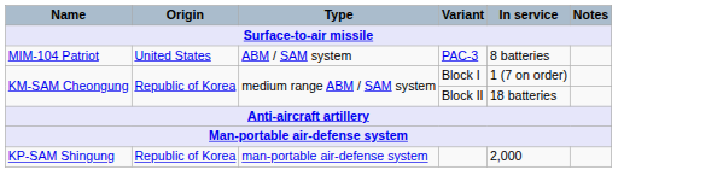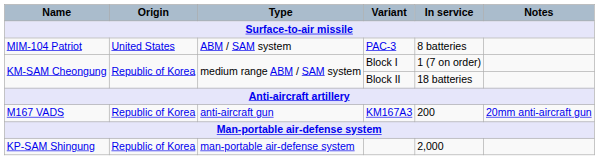 <table class="wikitable">
 <tr>
 <th style="text-align:center; background:#aabccc;">Name</th>
 <th style="text-align: center; background:#aabccc;">Origin</th>
 <th style="text-align:l center; background:#aabccc;">Type</th>
 <th style="text-align:l center; background:#aabccc;">Variant</th>
 <th style="text-align:l center; background:#aabccc;">In service</th>
 <th style="text-align: center; background:#aabccc;">Notes</th>
 </tr>
 <tr>
 <th style="align: center; background: lavender;" colspan="6"><a href='#'>Surface-to-air missile</a></th>
 </tr>
 <tr>
 <td><a href='#'>MIM-104 Patriot</a></td>
 <td><a href='#'>United States</a></td>
 <td><a href='#'>ABM</a> / <a href='#'>SAM</a> system</td>
 <td><a href='#'>PAC-3</a></td>
 <td>8 batteries</td>
 <td></td>
 </tr>
 <tr>
 <td rowspan="2"><a href='#'>KM-SAM Cheongung</a></td>
 <td rowspan="2"><a href='#'>Republic of Korea</a></td>
 <td rowspan="2">medium range <a href='#'>ABM</a> / <a href='#'>SAM</a> system</td>
 <td>Block I</td>
 <td>1 (7 on order)</td>
 <td></td>
 </tr>
 <tr>
 <td>Block II</td>
 <td>18 batteries</td>
 <td></td>
 </tr>
 <tr>
 <th colspan="6" style="align: center; background: lavender;"><a href='#'>Anti-aircraft artillery</a></th>
 </tr>
 <tr>
+<td><a href='#'>M167 VADS</a></td>
+<td><a href='#'>Republic of Korea</a></td>
+<td><a href='#'> anti-aircraft gun</a></td>
+<td><a href='#'>KM167A3</a></td>
+<td>200</td>
+<td><a href='#'>20mm anti-aircraft gun</a></td>
+</tr>
+<tr>
 <th colspan="6" style="align: center; background: lavender;"><a href='#'>Man-portable air-defense system</a></th>
 </tr>
 <tr>
 <td><a href='#'>KP-SAM Shingung</a></td>
 <td><a href='#'>Republic of Korea</a></td>
 <td><a href='#'>man-portable air-defense system</a></td>
 <td></td>
 <td>2,000</td>
 <td></td>
 </tr>
 </table>
